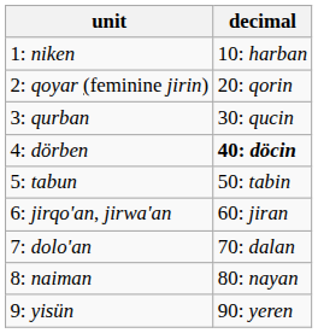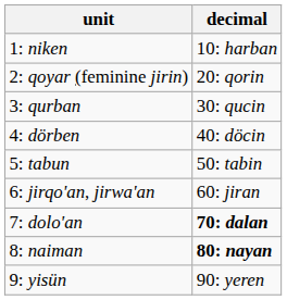 <table class="wikitable">
 <tr>
 <th>unit</th>
 <th>decimal</th>
 </tr>
 <tr>
 <td>1: <em>niken</em></td>
 <td>10: <em>harban</em></td>
 </tr>
 <tr>
 <td>2: <em>qoyar</em> <u>(</u>feminine <em>jirin</em>)</td>
 <td>20: <em>qorin</em></td>
 </tr>
 <tr>
 <td>3: <em>qurban</em></td>
 <td>30: <em>qucin</em></td>
 </tr>
 <tr>
 <td>4: <em>dörben</em></td>
-<td><strong>40: <em>döcin</em></strong></td>
+<td>40: <em>döcin</em></td>
 </tr>
 <tr>
 <td>5: <em>tabun</em></td>
 <td>50: <em>tabin</em></td>
 </tr>
 <tr>
 <td>6: <em>jirqo'an</em>, <em>jirwa'an</em></td>
 <td>60: <em>jiran</em></td>
 </tr>
 <tr>
 <td>7: <em>dolo'an</em></td>
-<td>70: <em>dalan</em></td>
+<td><strong>70: <em>dalan</em></strong></td>
 </tr>
 <tr>
 <td>8: <em>naiman</em></td>
-<td>80: <em>nayan</em></td>
+<td><strong>80: <em>nayan</em></strong></td>
 </tr>
 <tr>
 <td>9: <em>yisün</em></td>
 <td>90: <em>yeren</em></td>
 </tr>
 </table>
